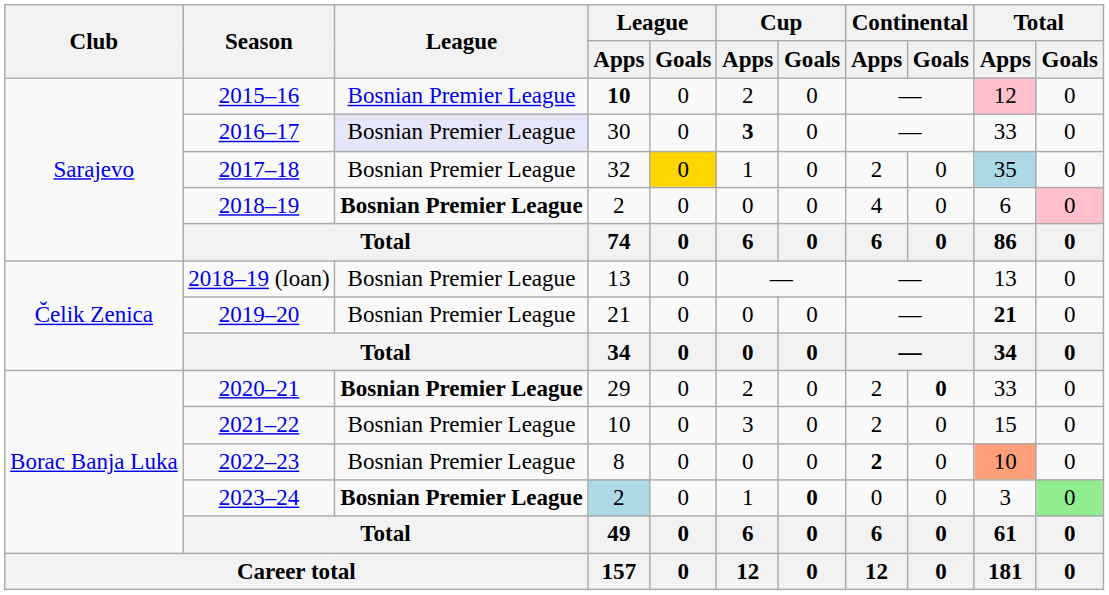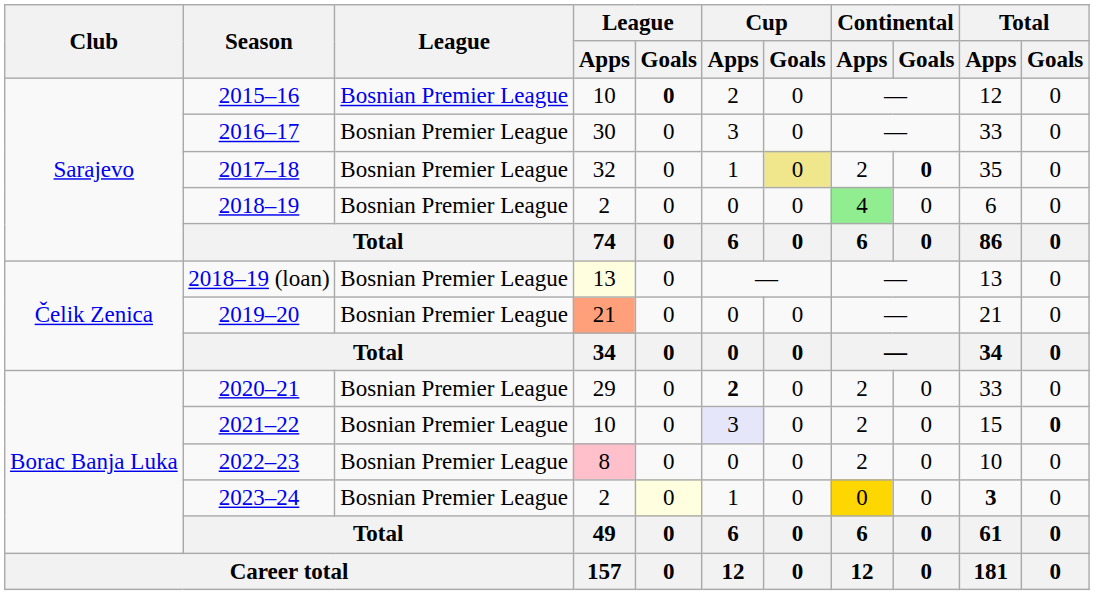 <table class="wikitable" style="text-align:center;">
 <tr>
 <th rowspan="2">Club</th>
 <th rowspan="2">Season</th>
 <th rowspan="2">League</th>
 <th colspan="2">League</th>
 <th colspan="2">Cup</th>
 <th colspan="2">Continental</th>
 <th colspan="2">Total</th>
 </tr>
 <tr>
 <th>Apps</th>
 <th>Goals</th>
 <th>Apps</th>
 <th>Goals</th>
 <th>Apps</th>
 <th>Goals</th>
 <th>Apps</th>
 <th>Goals</th>
 </tr>
 <tr>
 <td rowspan="5"><a href='#'>Sarajevo</a></td>
 <td><a href='#'>2015–16</a></td>
 <td><a href='#'>Bosnian Premier League</a></td>
-<td><strong>10</strong></td>
-<td>0</td>
+<td>10</td>
+<td><strong>0</strong></td>
 <td>2</td>
 <td>0</td>
 <td colspan=2>—</td>
-<td style="background: pink;">12</td>
+<td>12</td>
 <td>0</td>
 </tr>
 <tr>
 <td><a href='#'>2016–17</a></td>
-<td style="background: lavender;">Bosnian Premier League</td>
+<td>Bosnian Premier League</td>
 <td>30</td>
 <td>0</td>
-<td><strong>3</strong></td>
+<td>3</td>
 <td>0</td>
 <td colspan=2>—</td>
 <td>33</td>
 <td>0</td>
 </tr>
 <tr>
 <td><a href='#'>2017–18</a></td>
 <td>Bosnian Premier League</td>
 <td>32</td>
-<td style="background: gold;">0</td>
+<td>0</td>
 <td>1</td>
-<td>0</td>
+<td style="background: khaki;">0</td>
 <td>2</td>
-<td>0</td>
-<td style="background: lightblue;">35</td>
+<td><strong>0</strong></td>
+<td>35</td>
 <td>0</td>
 </tr>
 <tr>
 <td><a href='#'>2018–19</a></td>
-<td><strong>Bosnian Premier League</strong></td>
+<td>Bosnian Premier League</td>
 <td>2</td>
 <td>0</td>
 <td>0</td>
 <td>0</td>
-<td>4</td>
+<td style="background: lightgreen;">4</td>
 <td>0</td>
 <td>6</td>
-<td style="background: pink;">0</td>
+<td>0</td>
 </tr>
 <tr>
 <th colspan=2>Total</th>
 <th>74</th>
 <th>0</th>
 <th>6</th>
 <th>0</th>
 <th>6</th>
 <th>0</th>
 <th>86</th>
 <th>0</th>
 </tr>
 <tr>
 <td rowspan="3"><a href='#'>Čelik Zenica</a></td>
 <td><a href='#'>2018–19</a> (loan)</td>
 <td>Bosnian Premier League</td>
-<td>13</td>
+<td style="background: lightyellow;">13</td>
 <td>0</td>
 <td colspan=2>—</td>
 <td colspan=2>—</td>
 <td>13</td>
 <td>0</td>
 </tr>
 <tr>
 <td><a href='#'>2019–20</a></td>
 <td>Bosnian Premier League</td>
-<td>21</td>
+<td style="background: lightsalmon;">21</td>
 <td>0</td>
 <td>0</td>
 <td>0</td>
 <td colspan=2>—</td>
-<td><strong>21</strong></td>
+<td>21</td>
 <td>0</td>
 </tr>
 <tr>
 <th colspan=2>Total</th>
 <th>34</th>
 <th>0</th>
 <th>0</th>
 <th>0</th>
 <th colspan=2>—</th>
 <th>34</th>
 <th>0</th>
 </tr>
 <tr>
 <td rowspan="5"><a href='#'>Borac Banja Luka</a></td>
 <td><a href='#'>2020–21</a></td>
-<td><strong>Bosnian Premier League</strong></td>
+<td>Bosnian Premier League</td>
 <td>29</td>
+<td>0</td>
+<td><strong>2</strong></td>
 <td>0</td>
 <td>2</td>
 <td>0</td>
-<td>2</td>
-<td><strong>0</strong></td>
 <td>33</td>
 <td>0</td>
 </tr>
 <tr>
 <td><a href='#'>2021–22</a></td>
 <td>Bosnian Premier League</td>
 <td>10</td>
 <td>0</td>
-<td>3</td>
+<td style="background: lavender;">3</td>
 <td>0</td>
 <td>2</td>
 <td>0</td>
 <td>15</td>
-<td>0</td>
+<td><strong>0</strong></td>
 </tr>
 <tr>
 <td><a href='#'>2022–23</a></td>
 <td>Bosnian Premier League</td>
-<td>8</td>
+<td style="background: pink;">8</td>
 <td>0</td>
 <td>0</td>
 <td>0</td>
-<td><strong>2</strong></td>
+<td>2</td>
 <td>0</td>
-<td style="background: lightsalmon;">10</td>
+<td>10</td>
 <td>0</td>
 </tr>
 <tr>
 <td><a href='#'>2023–24</a></td>
-<td><strong>Bosnian Premier League</strong></td>
-<td style="background: lightblue;">2</td>
+<td>Bosnian Premier League</td>
+<td>2</td>
+<td style="background: lightyellow;">0</td>
+<td>1</td>
 <td>0</td>
-<td>1</td>
-<td><strong>0</strong></td>
+<td style="background: gold;">0</td>
 <td>0</td>
+<td><strong>3</strong></td>
 <td>0</td>
-<td>3</td>
-<td style="background: lightgreen;">0</td>
 </tr>
 <tr>
 <th colspan=2>Total</th>
 <th>49</th>
 <th>0</th>
 <th>6</th>
 <th>0</th>
 <th>6</th>
 <th>0</th>
 <th>61</th>
 <th>0</th>
 </tr>
 <tr>
 <th colspan=3>Career total</th>
 <th>157</th>
 <th>0</th>
 <th>12</th>
 <th>0</th>
 <th>12</th>
 <th>0</th>
 <th>181</th>
 <th>0</th>
 </tr>
 </table>
